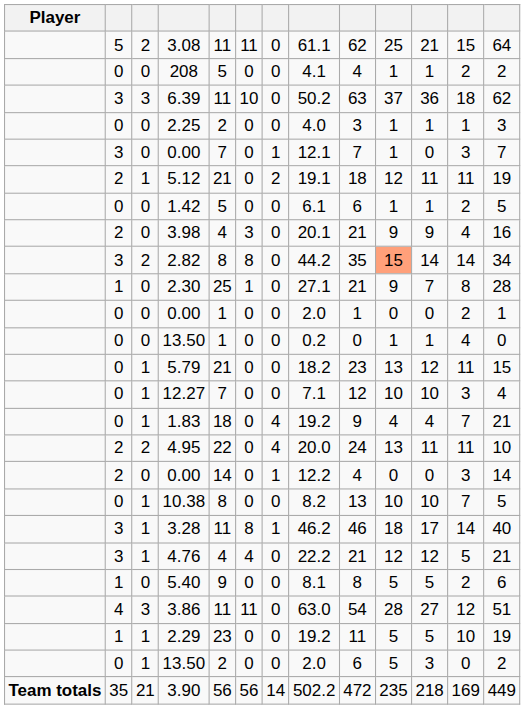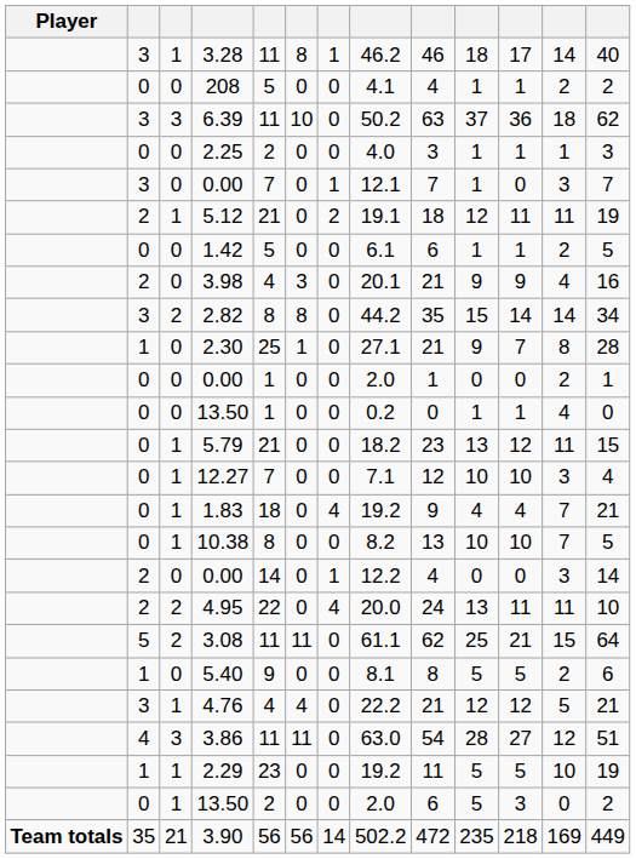 <table class="wikitable sortable" style="text-align:center;">
 <tr>
 <th>Player</th>
 <th></th>
 <th></th>
 <th></th>
 <th></th>
 <th></th>
 <th></th>
 <th></th>
 <th></th>
 <th></th>
 <th></th>
 <th></th>
 <th></th>
 </tr>
 <tr>
 <td align=left></td>
-<td>5</td>
-<td>2</td>
-<td>3.08</td>
+<td>3</td>
+<td>1</td>
+<td>3.28</td>
 <td>11</td>
-<td>11</td>
-<td>0</td>
-<td>61.1</td>
-<td>62</td>
-<td>25</td>
-<td>21</td>
-<td>15</td>
-<td>64</td>
+<td>8</td>
+<td>1</td>
+<td>46.2</td>
+<td>46</td>
+<td>18</td>
+<td>17</td>
+<td>14</td>
+<td>40</td>
 </tr>
 <tr>
 <td align=left></td>
 <td>0</td>
 <td>0</td>
 <td>208</td>
 <td>5</td>
 <td>0</td>
 <td>0</td>
 <td>4.1</td>
 <td>4</td>
 <td>1</td>
 <td>1</td>
 <td>2</td>
 <td>2</td>
 </tr>
 <tr>
 <td align=left></td>
 <td>3</td>
 <td>3</td>
 <td>6.39</td>
 <td>11</td>
 <td>10</td>
 <td>0</td>
 <td>50.2</td>
 <td>63</td>
 <td>37</td>
 <td>36</td>
 <td>18</td>
 <td>62</td>
 </tr>
 <tr>
 <td align=left></td>
 <td>0</td>
 <td>0</td>
 <td>2.25</td>
 <td>2</td>
 <td>0</td>
 <td>0</td>
 <td>4.0</td>
 <td>3</td>
 <td>1</td>
 <td>1</td>
 <td>1</td>
 <td>3</td>
 </tr>
 <tr>
 <td align=left></td>
 <td>3</td>
 <td>0</td>
 <td>0.00</td>
 <td>7</td>
 <td>0</td>
 <td>1</td>
 <td>12.1</td>
 <td>7</td>
 <td>1</td>
 <td>0</td>
 <td>3</td>
 <td>7</td>
 </tr>
 <tr>
 <td align=left></td>
 <td>2</td>
 <td>1</td>
 <td>5.12</td>
 <td>21</td>
 <td>0</td>
 <td>2</td>
 <td>19.1</td>
 <td>18</td>
 <td>12</td>
 <td>11</td>
 <td>11</td>
 <td>19</td>
 </tr>
 <tr>
 <td align=left></td>
 <td>0</td>
 <td>0</td>
 <td>1.42</td>
 <td>5</td>
 <td>0</td>
 <td>0</td>
 <td>6.1</td>
 <td>6</td>
 <td>1</td>
 <td>1</td>
 <td>2</td>
 <td>5</td>
 </tr>
 <tr>
 <td align=left></td>
 <td>2</td>
 <td>0</td>
 <td>3.98</td>
 <td>4</td>
 <td>3</td>
 <td>0</td>
 <td>20.1</td>
 <td>21</td>
 <td>9</td>
 <td>9</td>
 <td>4</td>
 <td>16</td>
 </tr>
 <tr>
 <td align=left></td>
 <td>3</td>
 <td>2</td>
 <td>2.82</td>
 <td>8</td>
 <td>8</td>
 <td>0</td>
 <td>44.2</td>
 <td>35</td>
-<td style="background: lightsalmon;">15</td>
+<td>15</td>
 <td>14</td>
 <td>14</td>
 <td>34</td>
 </tr>
 <tr>
 <td align=left></td>
 <td>1</td>
 <td>0</td>
 <td>2.30</td>
 <td>25</td>
 <td>1</td>
 <td>0</td>
 <td>27.1</td>
 <td>21</td>
 <td>9</td>
 <td>7</td>
 <td>8</td>
 <td>28</td>
 </tr>
 <tr>
 <td align=left></td>
 <td>0</td>
 <td>0</td>
 <td>0.00</td>
 <td>1</td>
 <td>0</td>
 <td>0</td>
 <td>2.0</td>
 <td>1</td>
 <td>0</td>
 <td>0</td>
 <td>2</td>
 <td>1</td>
 </tr>
 <tr>
 <td align=left></td>
 <td>0</td>
 <td>0</td>
 <td>13.50</td>
 <td>1</td>
 <td>0</td>
 <td>0</td>
 <td>0.2</td>
 <td>0</td>
 <td>1</td>
 <td>1</td>
 <td>4</td>
 <td>0</td>
 </tr>
 <tr>
 <td align=left></td>
 <td>0</td>
 <td>1</td>
 <td>5.79</td>
 <td>21</td>
 <td>0</td>
 <td>0</td>
 <td>18.2</td>
 <td>23</td>
 <td>13</td>
 <td>12</td>
 <td>11</td>
 <td>15</td>
 </tr>
 <tr>
 <td align=left></td>
 <td>0</td>
 <td>1</td>
 <td>12.27</td>
 <td>7</td>
 <td>0</td>
 <td>0</td>
 <td>7.1</td>
 <td>12</td>
 <td>10</td>
 <td>10</td>
 <td>3</td>
 <td>4</td>
 </tr>
 <tr>
 <td align=left></td>
 <td>0</td>
 <td>1</td>
 <td>1.83</td>
 <td>18</td>
 <td>0</td>
 <td>4</td>
 <td>19.2</td>
 <td>9</td>
 <td>4</td>
 <td>4</td>
 <td>7</td>
 <td>21</td>
 </tr>
 <tr>
 <td align=left></td>
-<td>2</td>
-<td>2</td>
-<td>4.95</td>
-<td>22</td>
 <td>0</td>
-<td>4</td>
-<td>20.0</td>
-<td>24</td>
+<td>1</td>
+<td>10.38</td>
+<td>8</td>
+<td>0</td>
+<td>0</td>
+<td>8.2</td>
 <td>13</td>
-<td>11</td>
-<td>11</td>
 <td>10</td>
+<td>10</td>
+<td>7</td>
+<td>5</td>
 </tr>
 <tr>
 <td align=left></td>
 <td>2</td>
 <td>0</td>
 <td>0.00</td>
 <td>14</td>
 <td>0</td>
 <td>1</td>
 <td>12.2</td>
 <td>4</td>
 <td>0</td>
 <td>0</td>
 <td>3</td>
 <td>14</td>
 </tr>
 <tr>
 <td align=left></td>
+<td>2</td>
+<td>2</td>
+<td>4.95</td>
+<td>22</td>
 <td>0</td>
-<td>1</td>
-<td>10.38</td>
-<td>8</td>
-<td>0</td>
-<td>0</td>
-<td>8.2</td>
+<td>4</td>
+<td>20.0</td>
+<td>24</td>
 <td>13</td>
+<td>11</td>
+<td>11</td>
 <td>10</td>
-<td>10</td>
-<td>7</td>
-<td>5</td>
 </tr>
 <tr>
 <td align=left></td>
-<td>3</td>
+<td>5</td>
+<td>2</td>
+<td>3.08</td>
+<td>11</td>
+<td>11</td>
+<td>0</td>
+<td>61.1</td>
+<td>62</td>
+<td>25</td>
+<td>21</td>
+<td>15</td>
+<td>64</td>
+</tr>
+<tr>
+<td align=left></td>
 <td>1</td>
-<td>3.28</td>
-<td>11</td>
+<td>0</td>
+<td>5.40</td>
+<td>9</td>
+<td>0</td>
+<td>0</td>
+<td>8.1</td>
 <td>8</td>
-<td>1</td>
-<td>46.2</td>
-<td>46</td>
-<td>18</td>
-<td>17</td>
-<td>14</td>
-<td>40</td>
+<td>5</td>
+<td>5</td>
+<td>2</td>
+<td>6</td>
 </tr>
 <tr>
 <td align=left></td>
 <td>3</td>
 <td>1</td>
 <td>4.76</td>
 <td>4</td>
 <td>4</td>
 <td>0</td>
 <td>22.2</td>
 <td>21</td>
 <td>12</td>
 <td>12</td>
 <td>5</td>
 <td>21</td>
-</tr>
-<tr>
-<td align=left></td>
-<td>1</td>
-<td>0</td>
-<td>5.40</td>
-<td>9</td>
-<td>0</td>
-<td>0</td>
-<td>8.1</td>
-<td>8</td>
-<td>5</td>
-<td>5</td>
-<td>2</td>
-<td>6</td>
 </tr>
 <tr>
 <td align=left></td>
 <td>4</td>
 <td>3</td>
 <td>3.86</td>
 <td>11</td>
 <td>11</td>
 <td>0</td>
 <td>63.0</td>
 <td>54</td>
 <td>28</td>
 <td>27</td>
 <td>12</td>
 <td>51</td>
 </tr>
 <tr>
 <td align=left></td>
 <td>1</td>
 <td>1</td>
 <td>2.29</td>
 <td>23</td>
 <td>0</td>
 <td>0</td>
 <td>19.2</td>
 <td>11</td>
 <td>5</td>
 <td>5</td>
 <td>10</td>
 <td>19</td>
 </tr>
 <tr>
 <td align=left></td>
 <td>0</td>
 <td>1</td>
 <td>13.50</td>
 <td>2</td>
 <td>0</td>
 <td>0</td>
 <td>2.0</td>
 <td>6</td>
 <td>5</td>
 <td>3</td>
 <td>0</td>
 <td>2</td>
 </tr>
 <tr class="sortbottom">
 <td align="left"><strong>Team totals</strong></td>
 <td>35</td>
 <td>21</td>
 <td>3.90</td>
 <td>56</td>
 <td>56</td>
 <td>14</td>
 <td>502.2</td>
 <td>472</td>
 <td>235</td>
 <td>218</td>
 <td>169</td>
 <td>449</td>
 </tr>
 </table>
